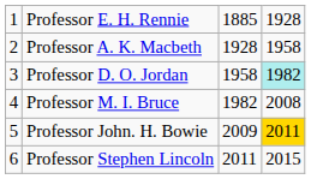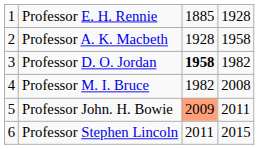 <table class=wikitable>
 <tr>
 <td>1</td>
 <td>Professor <a href='#'>E. H. Rennie</a></td>
 <td>1885</td>
 <td>1928</td>
 </tr>
 <tr>
 <td>2</td>
 <td>Professor <a href='#'>A. K. Macbeth</a></td>
 <td>1928</td>
 <td>1958</td>
 </tr>
 <tr>
 <td>3</td>
 <td>Professor <a href='#'>D. O. Jordan</a></td>
-<td>1958</td>
-<td style="background: paleturquoise;">1982</td>
+<td><strong>1958</strong></td>
+<td>1982</td>
 </tr>
 <tr>
 <td>4</td>
 <td>Professor <a href='#'>M. I. Bruce</a></td>
 <td>1982</td>
 <td>2008</td>
 </tr>
 <tr>
 <td>5</td>
 <td>Professor John. H. Bowie</td>
-<td>2009</td>
-<td style="background: gold;">2011</td>
+<td style="background: lightsalmon;">2009</td>
+<td>2011</td>
 </tr>
 <tr>
 <td>6</td>
 <td>Professor <a href='#'>Stephen Lincoln</a></td>
 <td>2011</td>
 <td>2015</td>
 </tr>
 </table>
